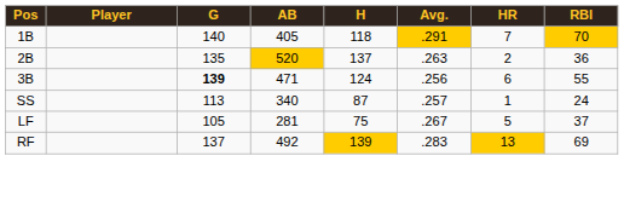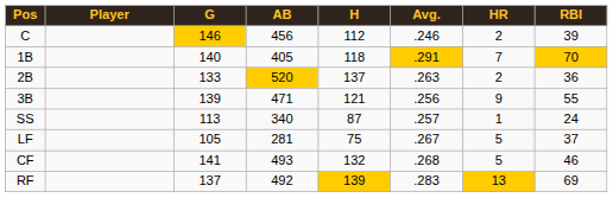 <table class="wikitable sortable">
 <tr>
 <th style="background:#2F241D;color:#FFC425;" width="5%">Pos</th>
 <th style="background:#2F241D;color:#FFC425;" width="16%">Player</th>
 <th style="background:#2F241D;color:#FFC425;" width="9%">G</th>
 <th style="background:#2F241D;color:#FFC425;" width="9%">AB</th>
 <th style="background:#2F241D;color:#FFC425;" width="9%">H</th>
 <th style="background:#2F241D;color:#FFC425;" width="9%">Avg.</th>
 <th style="background:#2F241D;color:#FFC425;" width="9%">HR</th>
 <th style="background:#2F241D;color:#FFC425;" width="9%">RBI</th>
+</tr>
+<tr align="center">
+<td>C</td>
+<td></td>
+<td style="background:#fc0;">146</td>
+<td>456</td>
+<td>112</td>
+<td>.246</td>
+<td>2</td>
+<td>39</td>
 </tr>
 <tr align="center">
 <td>1B</td>
 <td></td>
 <td>140</td>
 <td>405</td>
 <td>118</td>
 <td style="background:#fc0;">.291</td>
 <td>7</td>
 <td style="background:#fc0;">70</td>
 </tr>
 <tr align="center">
 <td>2B</td>
 <td></td>
-<td>135</td>
+<td>133</td>
 <td style="background:#fc0;">520</td>
 <td>137</td>
 <td>.263</td>
 <td>2</td>
 <td>36</td>
 </tr>
 <tr align="center">
 <td>3B</td>
 <td></td>
-<td><strong>139</strong></td>
+<td>139</td>
 <td>471</td>
-<td>124</td>
+<td>121</td>
 <td>.256</td>
-<td>6</td>
+<td>9</td>
 <td>55</td>
 </tr>
 <tr align="center">
 <td>SS</td>
 <td></td>
 <td>113</td>
 <td>340</td>
 <td>87</td>
 <td>.257</td>
 <td>1</td>
 <td>24</td>
 </tr>
 <tr align="center">
 <td>LF</td>
 <td></td>
 <td>105</td>
 <td>281</td>
 <td>75</td>
 <td>.267</td>
 <td>5</td>
 <td>37</td>
 </tr>
 <tr align="center">
+<td>CF</td>
+<td></td>
+<td>141</td>
+<td>493</td>
+<td>132</td>
+<td>.268</td>
+<td>5</td>
+<td>46</td>
+</tr>
+<tr align="center">
 <td>RF</td>
 <td></td>
 <td>137</td>
 <td>492</td>
 <td style="background:#fc0;">139</td>
 <td>.283</td>
 <td style="background:#fc0;">13</td>
 <td>69</td>
 </tr>
 </table>
